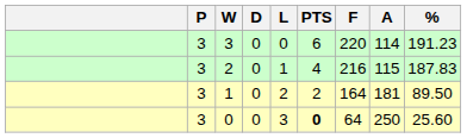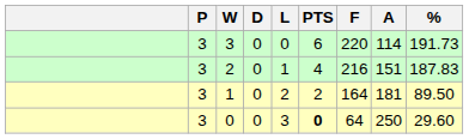 <table class=wikitable style="text-align:center">
 <tr>
 <th width=175></th>
 <th width=20>P</th>
 <th width=20>W</th>
 <th width=20>D</th>
 <th width=20>L</th>
 <th width=20>PTS</th>
 <th width=20>F</th>
 <th width=20>A</th>
 <th width=20>%</th>
 </tr>
 <tr style="background-color:#ccffcc;">
 <td style="text-align:left;"></td>
 <td>3</td>
 <td>3</td>
 <td>0</td>
 <td>0</td>
 <td>6</td>
 <td>220</td>
 <td>114</td>
-<td>191.23</td>
+<td>191.73</td>
 </tr>
 <tr style="background-color:#ccffcc;">
 <td style="text-align:left;"></td>
 <td>3</td>
 <td>2</td>
 <td>0</td>
 <td>1</td>
 <td>4</td>
 <td>216</td>
-<td>115</td>
+<td>151</td>
 <td>187.83</td>
 </tr>
 <tr style="background:#FFFFBF;">
 <td style="text-align:left;"></td>
 <td>3</td>
 <td>1</td>
 <td>0</td>
 <td>2</td>
 <td>2</td>
 <td>164</td>
 <td>181</td>
 <td>89.50</td>
 </tr>
 <tr style="background:#FFFFBF;">
 <td style="text-align:left;"></td>
 <td>3</td>
 <td>0</td>
 <td>0</td>
 <td>3</td>
 <td><strong>0</strong></td>
 <td>64</td>
 <td>250</td>
-<td>25.60</td>
+<td>29.60</td>
 </tr>
 </table>
